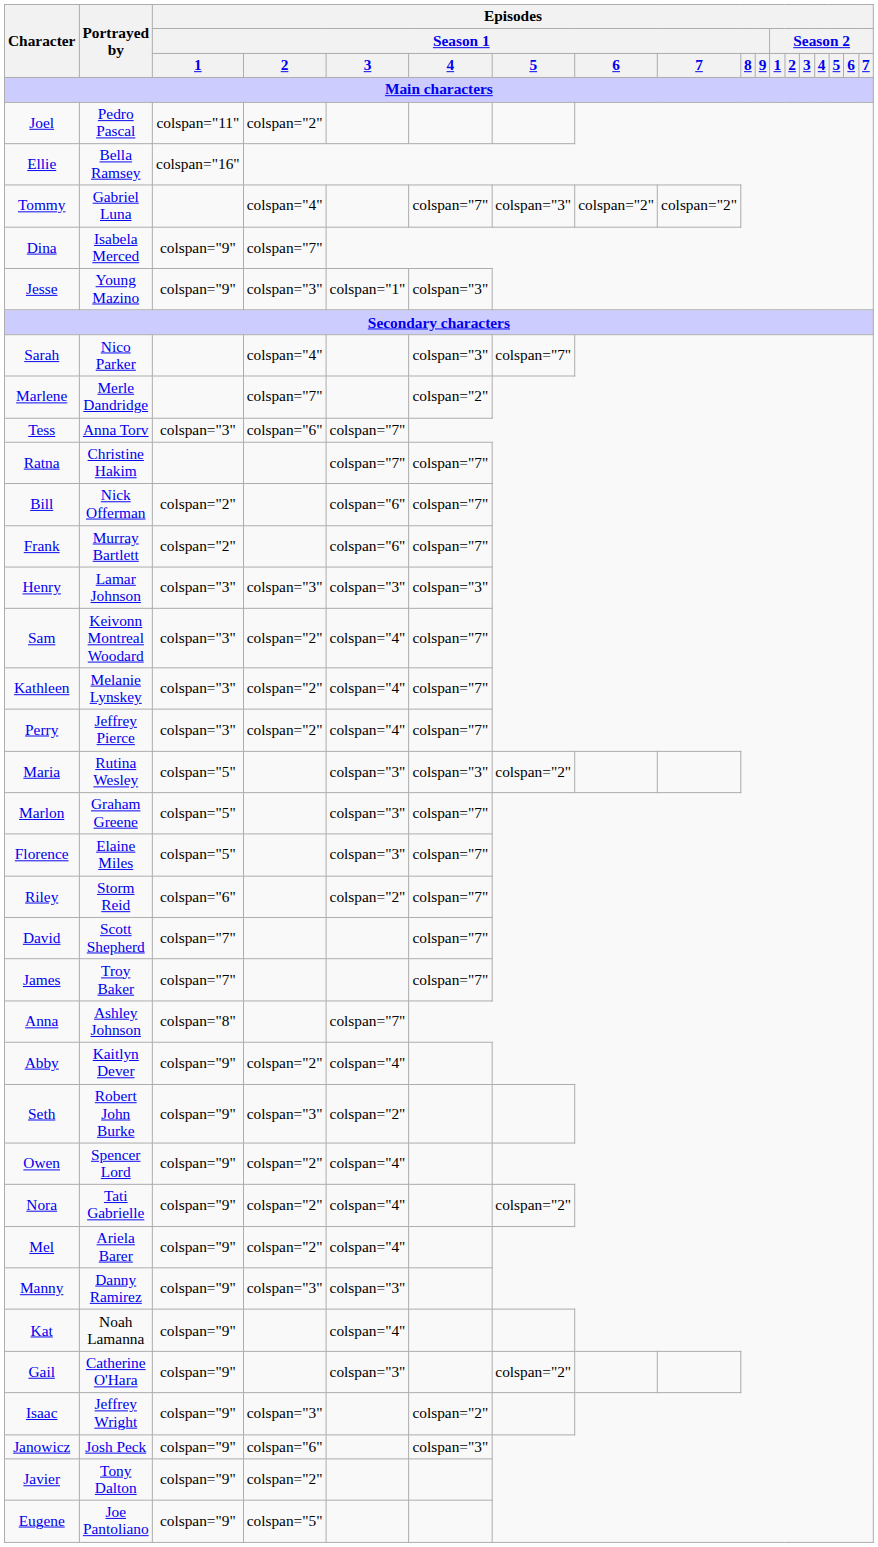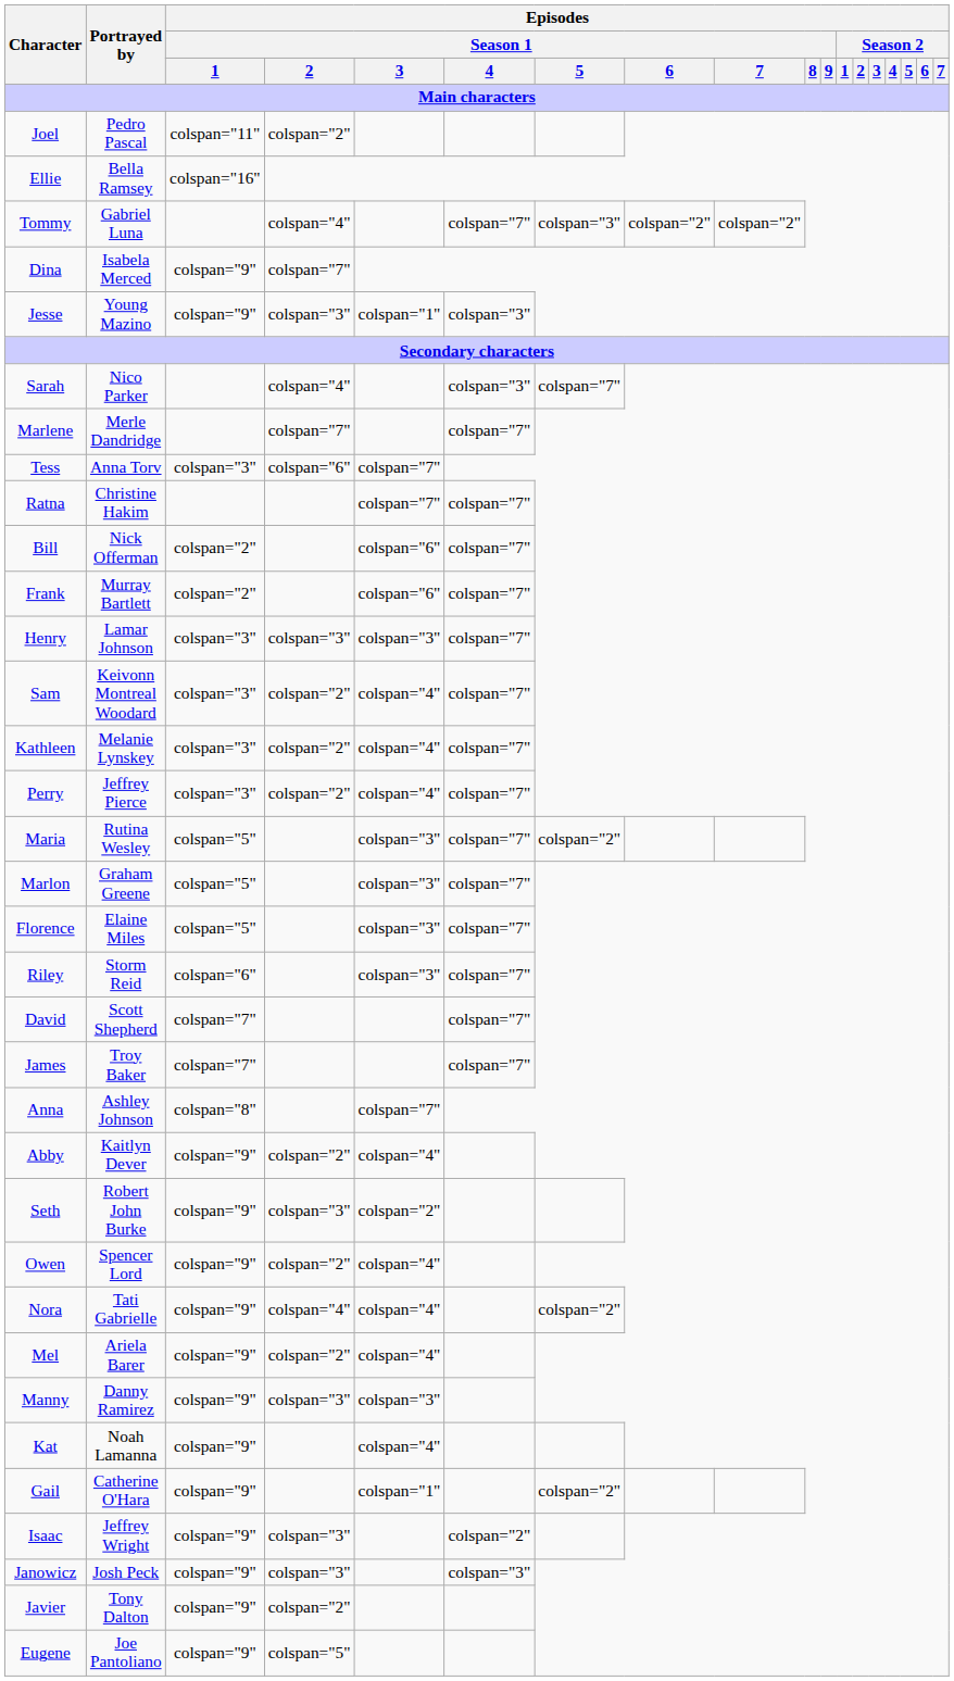 <table class="wikitable plainrowheaders" style="text-align:center;">
 <tr>
 <th scope="col" rowspan="3" width="10%">Character</th>
 <th scope="col" rowspan="3" width="20%">Portrayed by</th>
 <th scope="col" colspan="16" width="70%">Episodes</th>
 </tr>
 <tr>
 <th scope="col" colspan="9"><a href='#'>Season 1</a></th>
 <th scope="col" colspan="7"><a href='#'>Season 2</a></th>
 </tr>
 <tr>
 <th scope="col" width="4%;"><a href='#'>1</a></th>
 <th scope="col" width="4%;"><a href='#'>2</a></th>
 <th scope="col" width="4%;"><a href='#'>3</a></th>
 <th scope="col" width="4%;"><a href='#'>4</a></th>
 <th scope="col" width="4%;"><a href='#'>5</a></th>
 <th scope="col" width="4%;"><a href='#'>6</a></th>
 <th scope="col" width="4%;"><a href='#'>7</a></th>
 <th scope="col" width="4%;"><a href='#'>8</a></th>
 <th scope="col" width="4%;"><a href='#'>9</a></th>
 <th scope="col" width="4%;"><a href='#'>1</a></th>
 <th scope="col" width="4%;"><a href='#'>2</a></th>
 <th scope="col" width="4%;"><a href='#'>3</a></th>
 <th scope="col" width="4%;"><a href='#'>4</a></th>
 <th scope="col" width="4%;"><a href='#'>5</a></th>
 <th scope="col" width="4%;"><a href='#'>6</a></th>
 <th scope="col" width="4%;"><a href='#'>7</a></th>
 </tr>
 <tr>
 <th colspan="18" style="background:#ccf;"><a href='#'>Main characters</a></th>
 </tr>
 <tr>
 <td scope="row"><a href='#'>Joel</a></td>
 <td><a href='#'>Pedro Pascal</a></td>
 <td>colspan="11" </td>
 <td>colspan="2" </td>
 <td></td>
 <td></td>
 <td></td>
 </tr>
 <tr>
 <td scope="row"><a href='#'>Ellie</a></td>
 <td><a href='#'>Bella Ramsey</a></td>
 <td>colspan="16" </td>
 </tr>
 <tr>
 <td scope="row"><a href='#'>Tommy</a></td>
 <td><a href='#'>Gabriel Luna</a></td>
 <td></td>
 <td>colspan="4" </td>
 <td></td>
 <td>colspan="7" </td>
 <td>colspan="3" </td>
 <td>colspan="2" </td>
 <td>colspan="2" </td>
 </tr>
 <tr>
 <td scope="row"><a href='#'>Dina</a></td>
 <td><a href='#'>Isabela Merced</a></td>
 <td>colspan="9" </td>
 <td>colspan="7" </td>
 </tr>
 <tr>
 <td scope="row"><a href='#'>Jesse</a></td>
 <td><a href='#'>Young Mazino</a></td>
 <td>colspan="9" </td>
 <td>colspan="3" </td>
 <td>colspan="1" </td>
 <td>colspan="3" </td>
 </tr>
 <tr>
 <th colspan="18" style="background:#ccf;"><a href='#'>Secondary characters</a></th>
 </tr>
 <tr>
 <td scope="row"><a href='#'>Sarah</a></td>
 <td><a href='#'>Nico Parker</a></td>
 <td></td>
 <td>colspan="4" </td>
 <td></td>
 <td>colspan="3" </td>
 <td>colspan="7" </td>
 </tr>
 <tr>
 <td scope="row"><a href='#'>Marlene</a></td>
 <td><a href='#'>Merle Dandridge</a></td>
 <td></td>
 <td>colspan="7" </td>
 <td></td>
-<td>colspan="2" </td>
+<td>colspan="7" </td>
 </tr>
 <tr>
 <td scope="row"><a href='#'>Tess</a></td>
 <td><a href='#'>Anna Torv</a></td>
 <td>colspan="3" </td>
 <td>colspan="6" </td>
 <td>colspan="7" </td>
 </tr>
 <tr>
 <td scope="row"><a href='#'>Ratna</a></td>
 <td><a href='#'>Christine Hakim</a></td>
 <td></td>
 <td></td>
 <td>colspan="7" </td>
 <td>colspan="7" </td>
 </tr>
 <tr>
 <td scope="row"><a href='#'>Bill</a></td>
 <td><a href='#'>Nick Offerman</a></td>
 <td>colspan="2" </td>
 <td></td>
 <td>colspan="6" </td>
 <td>colspan="7" </td>
 </tr>
 <tr>
 <td scope="row"><a href='#'>Frank</a></td>
 <td><a href='#'>Murray Bartlett</a></td>
 <td>colspan="2" </td>
 <td></td>
 <td>colspan="6" </td>
 <td>colspan="7" </td>
 </tr>
 <tr>
 <td scope="row"><a href='#'>Henry</a></td>
 <td><a href='#'>Lamar Johnson</a></td>
 <td>colspan="3" </td>
 <td>colspan="3" </td>
 <td>colspan="3" </td>
-<td>colspan="3" </td>
+<td>colspan="7" </td>
 </tr>
 <tr>
 <td scope="row"><a href='#'>Sam</a></td>
 <td><a href='#'>Keivonn Montreal Woodard</a></td>
 <td>colspan="3" </td>
 <td>colspan="2" </td>
 <td>colspan="4" </td>
 <td>colspan="7" </td>
 </tr>
 <tr>
 <td scope="row"><a href='#'>Kathleen</a></td>
 <td><a href='#'>Melanie Lynskey</a></td>
 <td>colspan="3" </td>
 <td>colspan="2" </td>
 <td>colspan="4" </td>
 <td>colspan="7" </td>
 </tr>
 <tr>
 <td scope="row"><a href='#'>Perry</a></td>
 <td><a href='#'>Jeffrey Pierce</a></td>
 <td>colspan="3" </td>
 <td>colspan="2" </td>
 <td>colspan="4" </td>
 <td>colspan="7" </td>
 </tr>
 <tr>
 <td scope="row"><a href='#'>Maria</a></td>
 <td><a href='#'>Rutina Wesley</a></td>
 <td>colspan="5" </td>
 <td></td>
 <td>colspan="3" </td>
-<td>colspan="3" </td>
+<td>colspan="7" </td>
 <td>colspan="2" </td>
 <td></td>
 <td></td>
 </tr>
 <tr>
 <td scope="row"><a href='#'>Marlon</a></td>
 <td><a href='#'>Graham Greene</a></td>
 <td>colspan="5" </td>
 <td></td>
 <td>colspan="3" </td>
 <td>colspan="7" </td>
 </tr>
 <tr>
 <td scope="row"><a href='#'>Florence</a></td>
 <td><a href='#'>Elaine Miles</a></td>
 <td>colspan="5" </td>
 <td></td>
 <td>colspan="3" </td>
 <td>colspan="7" </td>
 </tr>
 <tr>
 <td scope="row"><a href='#'>Riley</a></td>
 <td><a href='#'>Storm Reid</a></td>
 <td>colspan="6" </td>
 <td></td>
-<td>colspan="2" </td>
+<td>colspan="3" </td>
 <td>colspan="7" </td>
 </tr>
 <tr>
 <td scope="row"><a href='#'>David</a></td>
 <td><a href='#'>Scott Shepherd</a></td>
 <td>colspan="7" </td>
 <td></td>
 <td></td>
 <td>colspan="7" </td>
 </tr>
 <tr>
 <td scope="row"><a href='#'>James</a></td>
 <td><a href='#'>Troy Baker</a></td>
 <td>colspan="7" </td>
 <td></td>
 <td></td>
 <td>colspan="7" </td>
 </tr>
 <tr>
 <td scope="row"><a href='#'>Anna</a></td>
 <td><a href='#'>Ashley Johnson</a></td>
 <td>colspan="8" </td>
 <td></td>
 <td>colspan="7" </td>
 </tr>
 <tr>
 <td><a href='#'>Abby</a></td>
 <td><a href='#'>Kaitlyn Dever</a></td>
 <td>colspan="9" </td>
 <td>colspan="2" </td>
 <td>colspan="4" </td>
 <td></td>
 </tr>
 <tr>
 <td scope="row"><a href='#'>Seth</a></td>
 <td><a href='#'>Robert John Burke</a></td>
 <td>colspan="9" </td>
 <td>colspan="3" </td>
 <td>colspan="2" </td>
 <td></td>
 <td></td>
 </tr>
 <tr>
 <td scope="row"><a href='#'>Owen</a></td>
 <td><a href='#'>Spencer Lord</a></td>
 <td>colspan="9" </td>
 <td>colspan="2" </td>
 <td>colspan="4" </td>
 <td></td>
 </tr>
 <tr>
 <td scope="row"><a href='#'>Nora</a></td>
 <td><a href='#'>Tati Gabrielle</a></td>
 <td>colspan="9" </td>
-<td>colspan="2" </td>
+<td>colspan="4" </td>
 <td>colspan="4" </td>
 <td></td>
 <td>colspan="2" </td>
 </tr>
 <tr>
 <td scope="row"><a href='#'>Mel</a></td>
 <td><a href='#'>Ariela Barer</a></td>
 <td>colspan="9" </td>
 <td>colspan="2" </td>
 <td>colspan="4" </td>
 <td></td>
 </tr>
 <tr>
 <td scope="row"><a href='#'>Manny</a></td>
 <td><a href='#'>Danny Ramirez</a></td>
 <td>colspan="9" </td>
 <td>colspan="3" </td>
 <td>colspan="3" </td>
 <td></td>
 </tr>
 <tr>
 <td scope="row"><a href='#'>Kat</a></td>
 <td>Noah Lamanna</td>
 <td>colspan="9" </td>
 <td></td>
 <td>colspan="4" </td>
 <td></td>
 <td></td>
 </tr>
 <tr>
 <td scope="row"><a href='#'>Gail</a></td>
 <td><a href='#'>Catherine O'Hara</a></td>
 <td>colspan="9" </td>
 <td></td>
-<td>colspan="3" </td>
+<td>colspan="1" </td>
 <td></td>
 <td>colspan="2" </td>
 <td></td>
 <td></td>
 </tr>
 <tr>
 <td scope="row"><a href='#'>Isaac</a></td>
 <td><a href='#'>Jeffrey Wright</a></td>
 <td>colspan="9" </td>
 <td>colspan="3" </td>
 <td></td>
 <td>colspan="2" </td>
 <td></td>
 </tr>
 <tr>
 <td scope="row"><a href='#'>Janowicz</a></td>
 <td><a href='#'>Josh Peck</a></td>
 <td>colspan="9" </td>
-<td>colspan="6" </td>
+<td>colspan="3" </td>
 <td></td>
 <td>colspan="3" </td>
 </tr>
 <tr>
 <td scope="row"><a href='#'>Javier</a></td>
 <td><a href='#'>Tony Dalton</a></td>
 <td>colspan="9" </td>
 <td>colspan="2" </td>
 <td></td>
 <td></td>
 </tr>
 <tr>
 <td scope="row"><a href='#'>Eugene</a></td>
 <td><a href='#'>Joe Pantoliano</a></td>
 <td>colspan="9" </td>
 <td>colspan="5" </td>
 <td></td>
 <td><br></td>
 </tr>
 </table>
